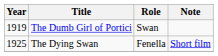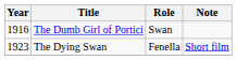 <table class="wikitable sortable">
 <tr>
 <th>Year</th>
 <th>Title</th>
 <th>Role</th>
 <th>Note</th>
 </tr>
 <tr>
-<td>1919</td>
+<td>1916</td>
 <td><a href='#'>The Dumb Girl of Portici</a></td>
 <td>Swan</td>
 <td></td>
 </tr>
 <tr>
-<td>1925</td>
+<td>1923</td>
 <td>The Dying Swan</td>
 <td>Fenella</td>
 <td><a href='#'>Short film</a></td>
 </tr>
 <tr>
 </tr>
 </table>
